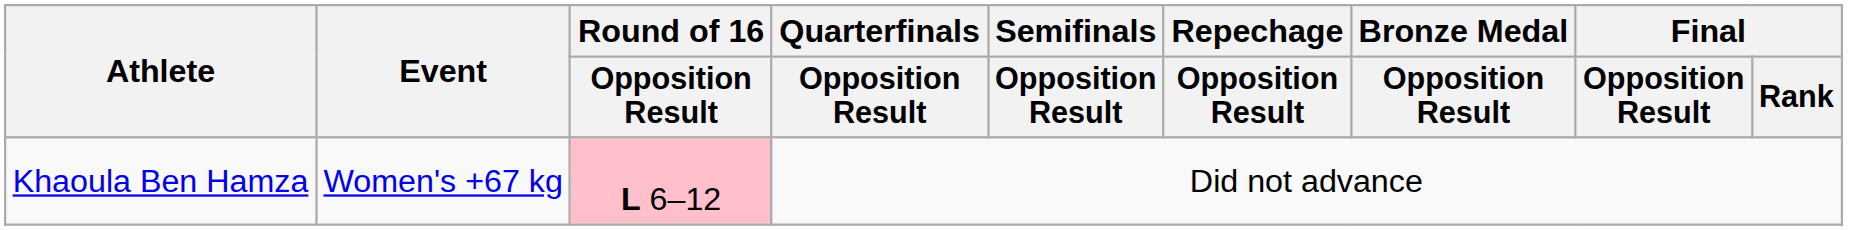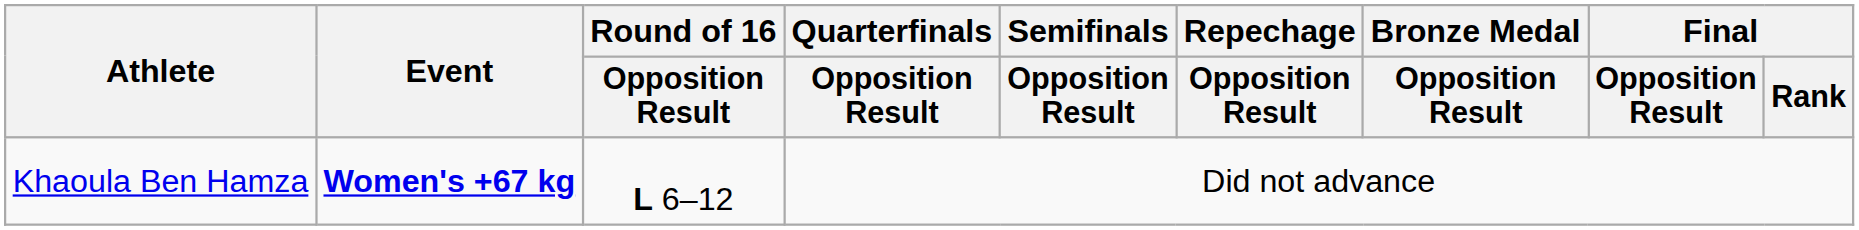 <table class="wikitable" style="font-size:90%">
 <tr>
 <th rowspan="2">Athlete</th>
 <th rowspan="2">Event</th>
 <th>Round of 16</th>
 <th>Quarterfinals</th>
 <th>Semifinals</th>
 <th>Repechage</th>
 <th>Bronze Medal</th>
 <th colspan=2>Final</th>
 </tr>
 <tr style="font-size:95%">
 <th>Opposition<br>Result</th>
 <th>Opposition<br>Result</th>
 <th>Opposition<br>Result</th>
 <th>Opposition<br>Result</th>
 <th>Opposition<br>Result</th>
 <th>Opposition<br>Result</th>
 <th>Rank</th>
 </tr>
 <tr align=center>
 <td align=left><a href='#'>Khaoula Ben Hamza</a></td>
-<td align=left><a href='#'>Women's +67 kg</a></td>
-<td style="background: pink;"><br><strong>L</strong> 6–12</td>
+<td align=left><strong><a href='#'>Women's +67 kg</a></strong></td>
+<td><br><strong>L</strong> 6–12</td>
 <td colspan=6>Did not advance</td>
 </tr>
 </table>
